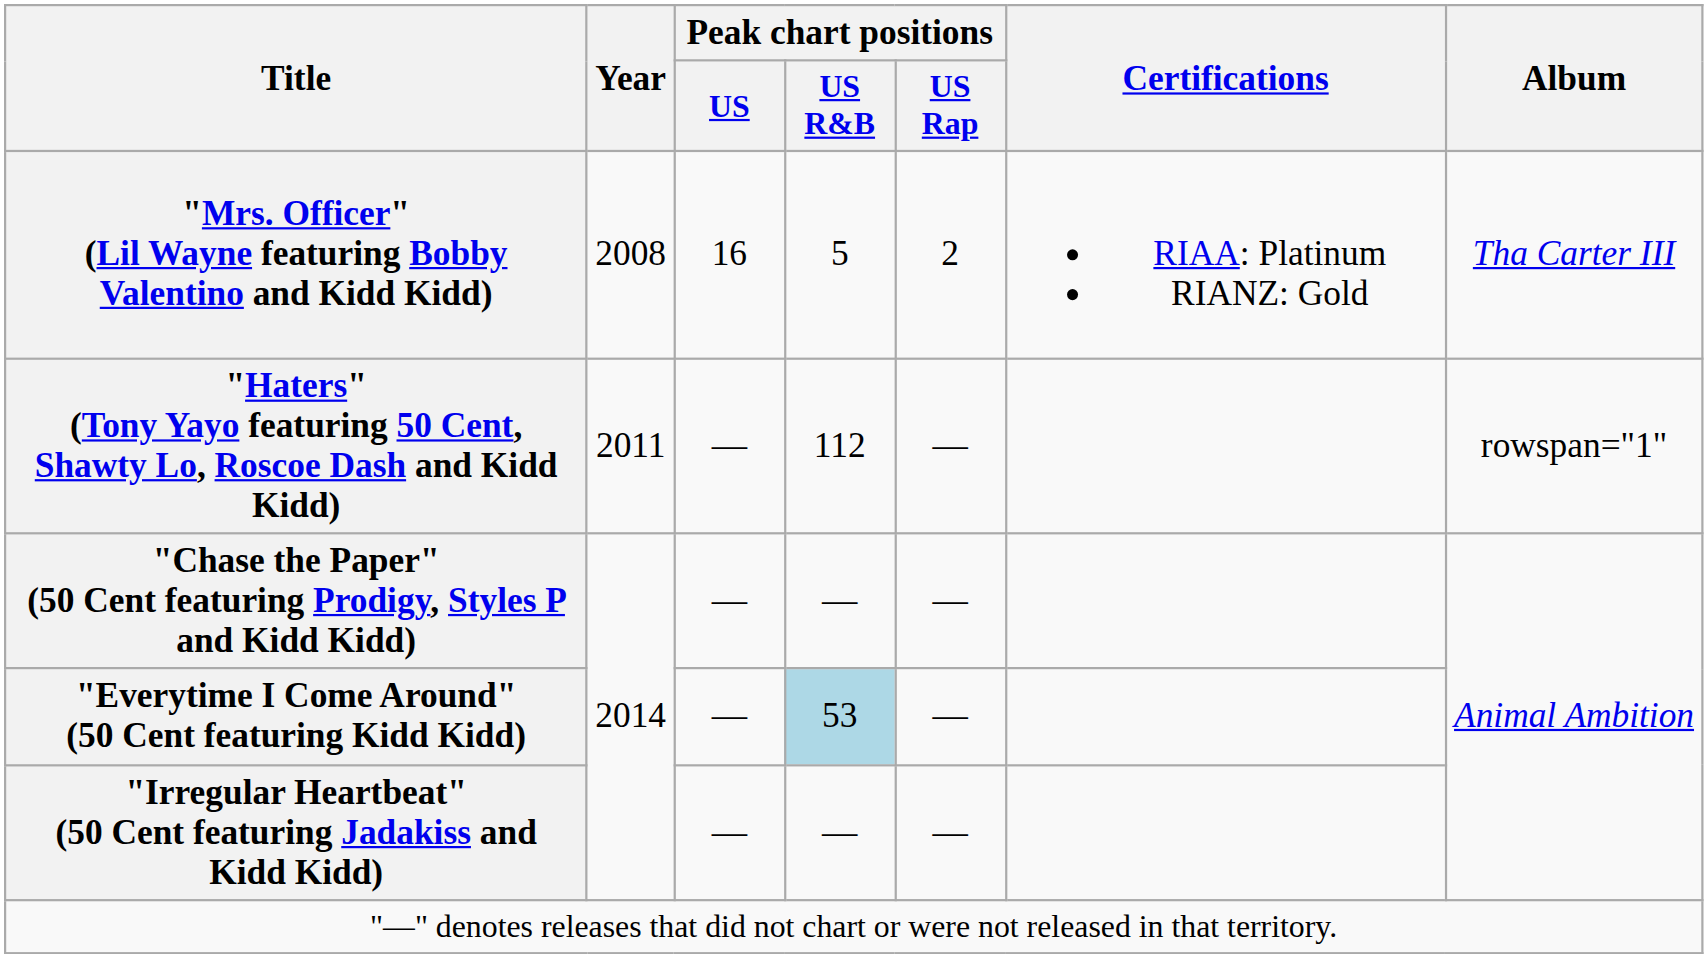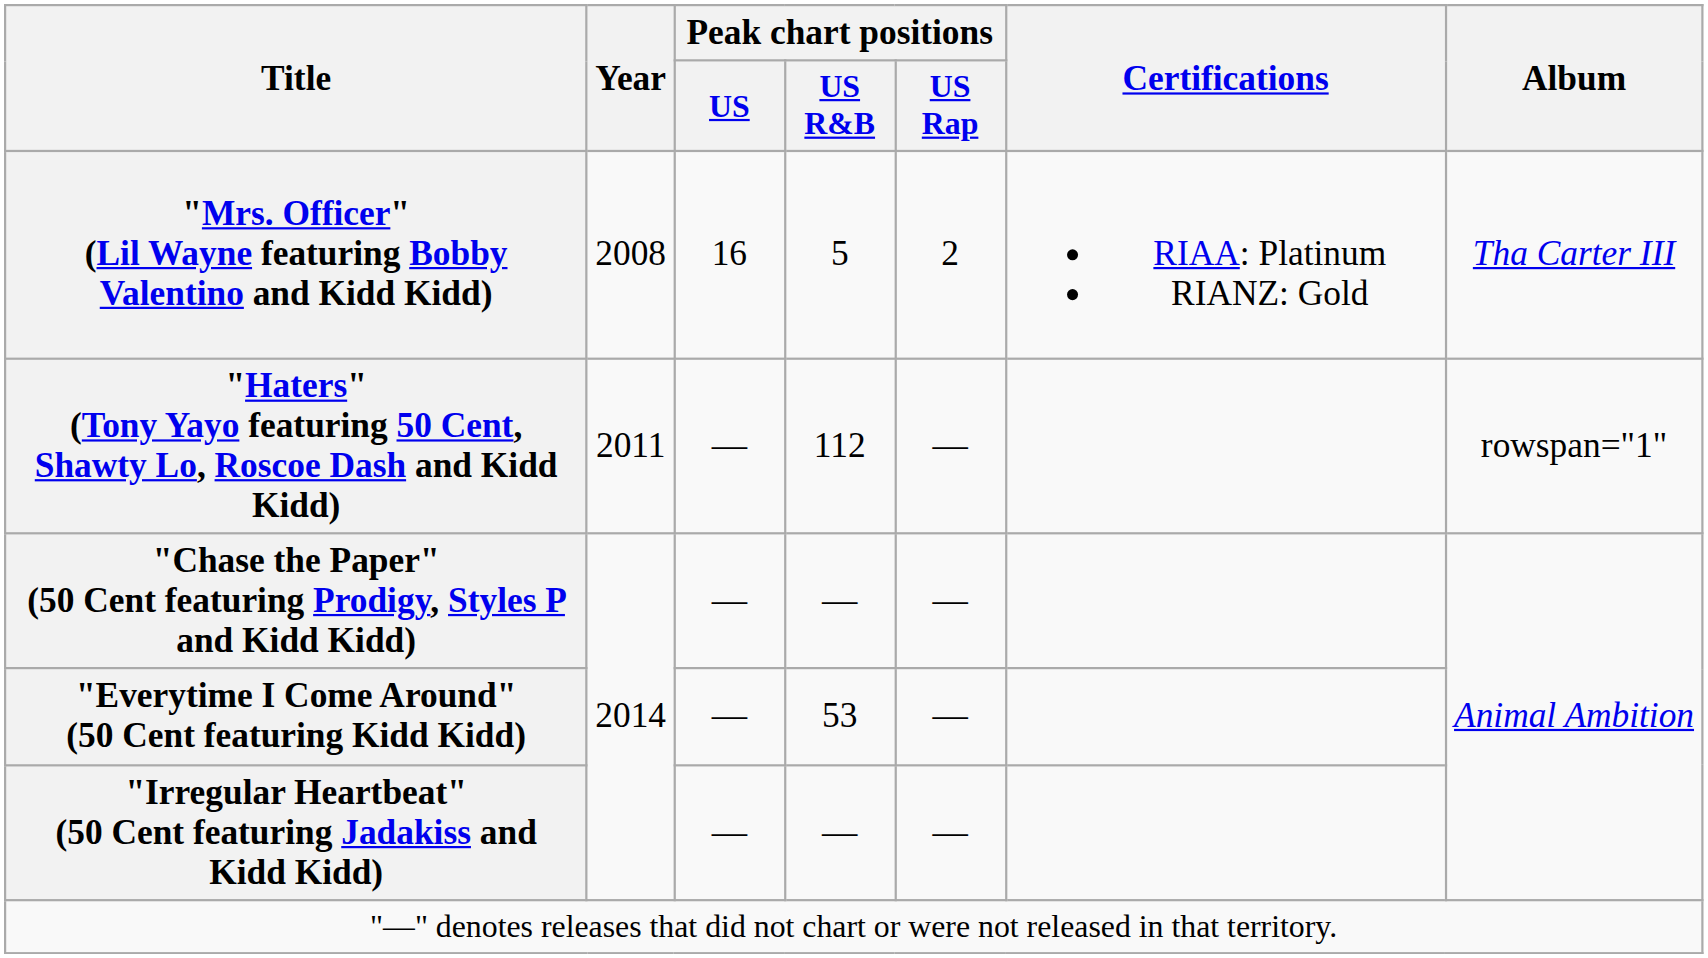 <table class="wikitable plainrowheaders" style="text-align:center;">
 <tr>
 <th scope="col" rowspan="2" style="width:16em;">Title</th>
 <th scope="col" rowspan="2">Year</th>
 <th scope="col" colspan="3">Peak chart positions</th>
 <th scope="col" rowspan="2" style="width:12em;"><a href='#'>Certifications</a></th>
 <th scope="col" rowspan="2">Album</th>
 </tr>
 <tr>
 <th scope="col" style="width:3em;font-size:90%;"><a href='#'>US</a><br></th>
 <th scope="col" style="width:3em;font-size:90%;"><a href='#'>US<br>R&B</a><br></th>
 <th scope="col" style="width:3em;font-size:90%;"><a href='#'>US<br>Rap</a><br></th>
 </tr>
 <tr>
 <th scope="row">"<a href='#'>Mrs. Officer</a>"<br><span>(<a href='#'>Lil Wayne</a> featuring <a href='#'>Bobby Valentino</a> and Kidd Kidd)</span></th>
 <td>2008</td>
 <td>16</td>
 <td>5</td>
 <td>2</td>
 <td><br><ul><li><a href='#'>RIAA</a>: Platinum</li><li>RIANZ: Gold</li></ul></td>
 <td><em><a href='#'>Tha Carter III</a></em></td>
 </tr>
 <tr>
 <th scope="row">"<a href='#'>Haters</a>"<br><span>(<a href='#'>Tony Yayo</a> featuring <a href='#'>50 Cent</a>, <a href='#'>Shawty Lo</a>, <a href='#'>Roscoe Dash</a> and Kidd Kidd)</span></th>
 <td>2011</td>
 <td>—</td>
 <td>112</td>
 <td>—</td>
 <td></td>
 <td>rowspan="1" </td>
 </tr>
 <tr>
 <th scope="row">"Chase the Paper" <br><span>(50 Cent featuring <a href='#'>Prodigy</a>, <a href='#'>Styles P</a> and Kidd Kidd)</span></th>
 <td rowspan="3">2014</td>
 <td>—</td>
 <td>—</td>
 <td>—</td>
 <td></td>
 <td rowspan="3"><em><a href='#'>Animal Ambition</a></em></td>
 </tr>
 <tr>
 <th scope="row">"Everytime I Come Around" <br><span>(50 Cent featuring Kidd Kidd)</span></th>
 <td>—</td>
-<td style="background: lightblue;">53</td>
+<td>53</td>
 <td>—</td>
 <td></td>
 </tr>
 <tr>
 <th scope="row">"Irregular Heartbeat" <br><span>(50 Cent featuring <a href='#'>Jadakiss</a> and Kidd Kidd)</span></th>
 <td>—</td>
 <td>—</td>
 <td>—</td>
 <td></td>
 </tr>
 <tr>
 <td colspan="14" style="font-size:90%">"—" denotes releases that did not chart or were not released in that territory.</td>
 </tr>
 </table>
